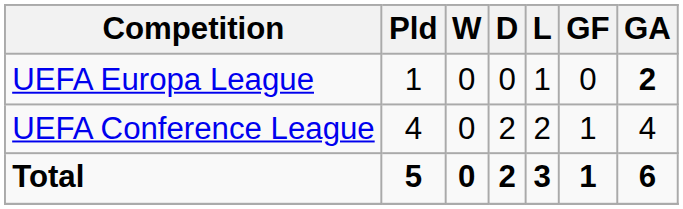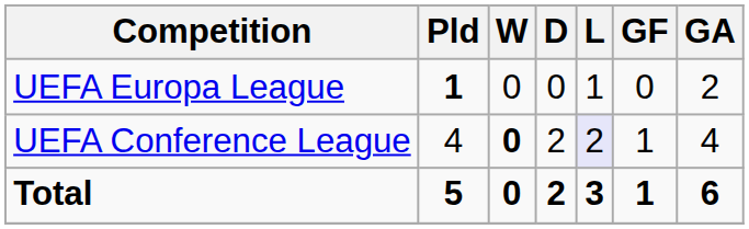 <table class="wikitable">
 <tr>
 <th>Competition</th>
 <th>Pld</th>
 <th>W</th>
 <th>D</th>
 <th>L</th>
 <th>GF</th>
 <th>GA</th>
 </tr>
 <tr>
 <td><a href='#'>UEFA Europa League</a></td>
-<td style="text-align:center;">1</td>
+<td style="text-align:center;"><strong>1</strong></td>
 <td style="text-align:center;">0</td>
 <td style="text-align:center;">0</td>
 <td style="text-align:center;">1</td>
 <td style="text-align:center;">0</td>
-<td style="text-align:center;"><strong>2</strong></td>
+<td style="text-align:center;">2</td>
 </tr>
 <tr>
 <td><a href='#'>UEFA Conference League</a></td>
 <td style="text-align:center;">4</td>
-<td style="text-align:center;">0</td>
+<td style="text-align:center;"><strong>0</strong></td>
 <td style="text-align:center;">2</td>
-<td style="text-align:center;">2</td>
+<td style="background: lavender; text-align:center;">2</td>
 <td style="text-align:center;">1</td>
 <td style="text-align:center;">4</td>
 </tr>
 <tr>
 <td><strong>Total</strong></td>
 <td style="text-align:center;"><strong>5</strong></td>
 <td style="text-align:center;"><strong>0</strong></td>
 <td style="text-align:center;"><strong>2</strong></td>
 <td style="text-align:center;"><strong>3</strong></td>
 <td style="text-align:center;"><strong>1</strong></td>
 <td style="text-align:center;"><strong>6</strong></td>
 </tr>
 <tr>
 </tr>
 </table>
